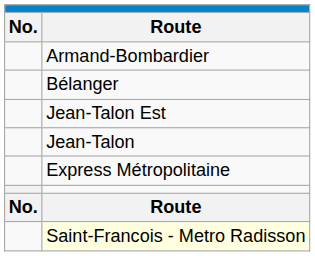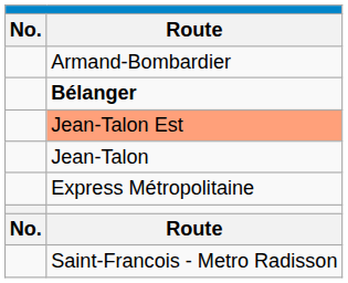 <table align=center class="wikitable">
 <tr>
 <th style="background: #0085CA; font-size:100%; color:#FFFFFF;"colspan="4"><a href='#'></a></th>
 </tr>
 <tr>
 <th>No.</th>
 <th>Route</th>
 </tr>
 <tr>
 <td {{Avoid wrap> </td>
 <td>Armand-Bombardier</td>
 </tr>
 <tr>
 <td></td>
-<td>Bélanger</td>
+<td><strong>Bélanger</strong></td>
 </tr>
 <tr>
 <td {{Avoid wrap> </td>
-<td>Jean-Talon Est</td>
+<td style="background: lightsalmon;">Jean-Talon Est</td>
 </tr>
 <tr>
 <td {{Avoid wrap> </td>
 <td>Jean-Talon</td>
 </tr>
 <tr>
 <td></td>
 <td>Express Métropolitaine</td>
 </tr>
 <tr>
 <th style="background: #"><a href='#'></a></th>
 </tr>
 <tr>
 <th>No.</th>
 <th>Route</th>
 </tr>
 <tr>
 <td></td>
-<td style="background: lightyellow;">Saint-Francois - Metro Radisson</td>
+<td>Saint-Francois - Metro Radisson</td>
 </tr>
 </table>
